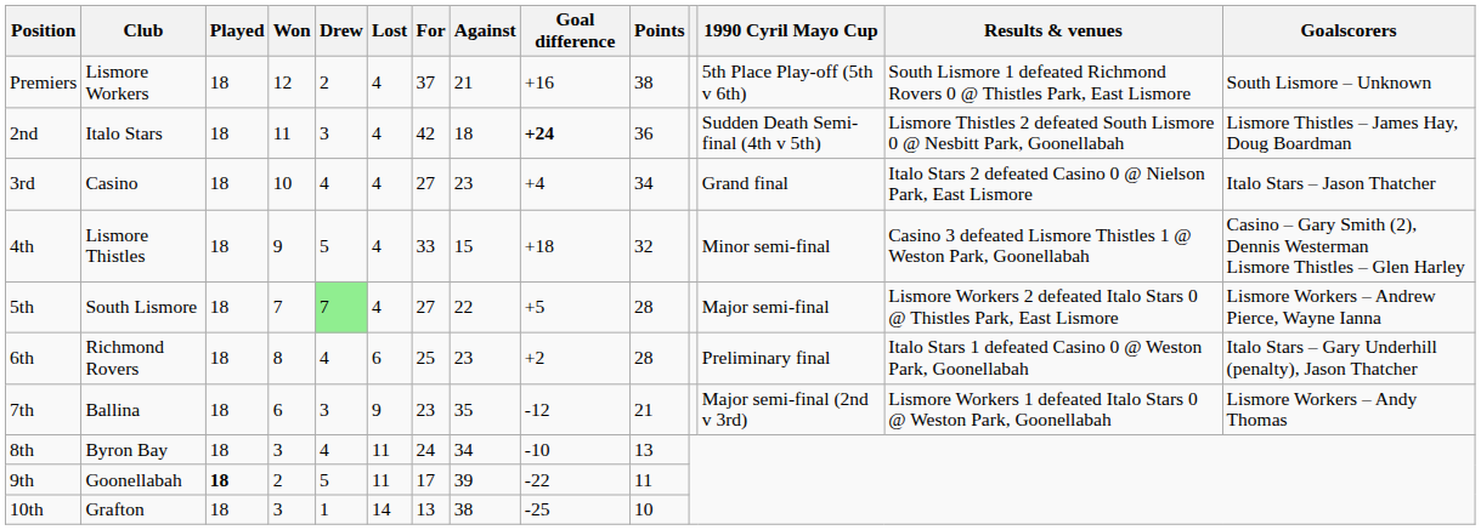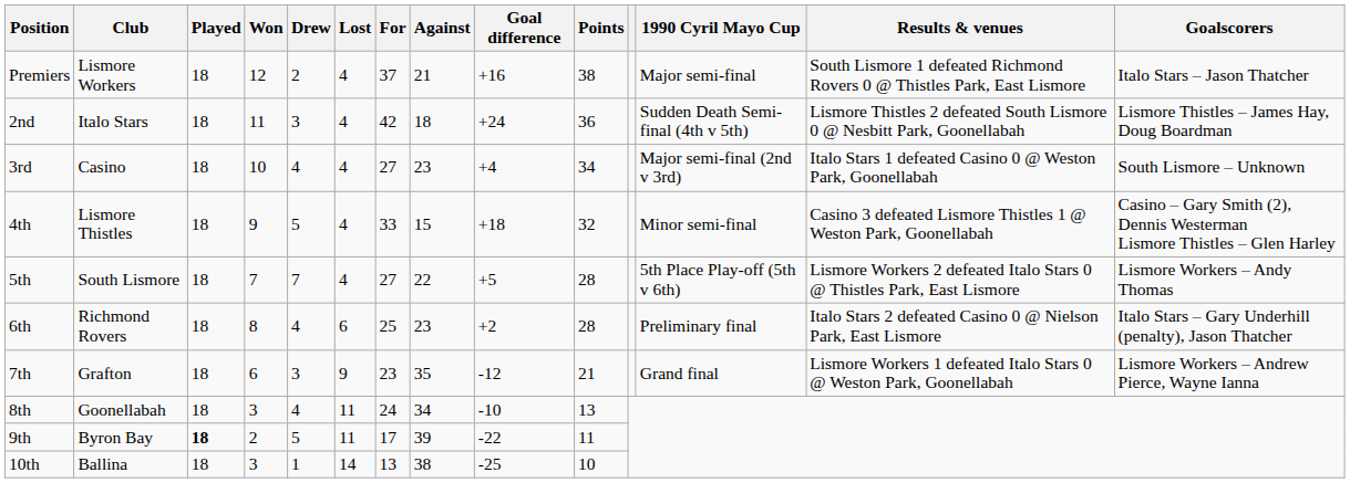 <table class="wikitable">
 <tr>
 <th>Position</th>
 <th>Club</th>
 <th>Played</th>
 <th>Won</th>
 <th>Drew</th>
 <th>Lost</th>
 <th>For</th>
 <th>Against</th>
 <th>Goal difference</th>
 <th>Points</th>
 <th></th>
 <th>1990 Cyril Mayo Cup</th>
 <th>Results & venues</th>
 <th>Goalscorers</th>
 </tr>
 <tr>
 <td>Premiers</td>
 <td>Lismore Workers</td>
 <td>18</td>
 <td>12</td>
 <td>2</td>
 <td>4</td>
 <td>37</td>
 <td>21</td>
 <td>+16</td>
 <td>38</td>
 <td></td>
-<td>5th Place Play-off (5th v 6th)</td>
+<td>Major semi-final</td>
 <td>South Lismore 1 defeated Richmond Rovers 0 @ Thistles Park, East Lismore</td>
-<td>South Lismore – Unknown</td>
+<td>Italo Stars – Jason Thatcher</td>
 </tr>
 <tr>
 <td>2nd</td>
 <td>Italo Stars</td>
 <td>18</td>
 <td>11</td>
 <td>3</td>
 <td>4</td>
 <td>42</td>
 <td>18</td>
-<td><strong>+24</strong></td>
+<td>+24</td>
 <td>36</td>
 <td></td>
 <td>Sudden Death Semi-final (4th v 5th)</td>
 <td>Lismore Thistles 2 defeated South Lismore 0 @ Nesbitt Park, Goonellabah</td>
 <td>Lismore Thistles – James Hay, Doug Boardman</td>
 </tr>
 <tr>
 <td>3rd</td>
 <td>Casino</td>
 <td>18</td>
 <td>10</td>
 <td>4</td>
 <td>4</td>
 <td>27</td>
 <td>23</td>
 <td>+4</td>
 <td>34</td>
 <td></td>
-<td>Grand final</td>
-<td>Italo Stars 2 defeated Casino 0 @  Nielson Park, East Lismore</td>
-<td>Italo Stars – Jason Thatcher</td>
+<td>Major semi-final (2nd v 3rd)</td>
+<td>Italo Stars 1 defeated Casino 0 @ Weston Park, Goonellabah</td>
+<td>South Lismore – Unknown</td>
 </tr>
 <tr>
 <td>4th</td>
 <td>Lismore Thistles</td>
 <td>18</td>
 <td>9</td>
 <td>5</td>
 <td>4</td>
 <td>33</td>
 <td>15</td>
 <td>+18</td>
 <td>32</td>
 <td></td>
 <td>Minor semi-final</td>
 <td>Casino 3 defeated Lismore Thistles 1 @ Weston Park, Goonellabah</td>
 <td>Casino – Gary Smith (2), Dennis Westerman<br>Lismore Thistles – Glen Harley</td>
 </tr>
 <tr>
 <td>5th</td>
 <td>South Lismore</td>
 <td>18</td>
 <td>7</td>
-<td style="background: lightgreen;">7</td>
+<td>7</td>
 <td>4</td>
 <td>27</td>
 <td>22</td>
 <td>+5</td>
 <td>28</td>
 <td></td>
-<td>Major semi-final</td>
+<td>5th Place Play-off (5th v 6th)</td>
 <td>Lismore Workers 2 defeated Italo Stars 0 @ Thistles Park, East Lismore</td>
-<td>Lismore Workers – Andrew Pierce, Wayne Ianna</td>
+<td>Lismore Workers – Andy Thomas</td>
 </tr>
 <tr>
 <td>6th</td>
 <td>Richmond Rovers</td>
 <td>18</td>
 <td>8</td>
 <td>4</td>
 <td>6</td>
 <td>25</td>
 <td>23</td>
 <td>+2</td>
 <td>28</td>
 <td></td>
 <td>Preliminary final</td>
-<td>Italo Stars 1 defeated Casino 0 @ Weston Park, Goonellabah</td>
+<td>Italo Stars 2 defeated Casino 0 @  Nielson Park, East Lismore</td>
 <td>Italo Stars – Gary Underhill (penalty), Jason Thatcher</td>
 </tr>
 <tr>
 <td>7th</td>
-<td>Ballina</td>
+<td>Grafton</td>
 <td>18</td>
 <td>6</td>
 <td>3</td>
 <td>9</td>
 <td>23</td>
 <td>35</td>
 <td>-12</td>
 <td>21</td>
 <td></td>
-<td>Major semi-final (2nd v 3rd)</td>
+<td>Grand final</td>
 <td>Lismore Workers 1 defeated Italo Stars 0 @ Weston Park, Goonellabah</td>
-<td>Lismore Workers – Andy Thomas</td>
+<td>Lismore Workers – Andrew Pierce, Wayne Ianna</td>
 </tr>
 <tr>
 <td>8th</td>
-<td>Byron Bay</td>
+<td>Goonellabah</td>
 <td>18</td>
 <td>3</td>
 <td>4</td>
 <td>11</td>
 <td>24</td>
 <td>34</td>
 <td>-10</td>
 <td>13</td>
 </tr>
 <tr>
 <td>9th</td>
-<td>Goonellabah</td>
+<td>Byron Bay</td>
 <td><strong>18</strong></td>
 <td>2</td>
 <td>5</td>
 <td>11</td>
 <td>17</td>
 <td>39</td>
 <td>-22</td>
 <td>11</td>
 </tr>
 <tr>
 <td>10th</td>
-<td>Grafton</td>
+<td>Ballina</td>
 <td>18</td>
 <td>3</td>
 <td>1</td>
 <td>14</td>
 <td>13</td>
 <td>38</td>
 <td>-25</td>
 <td>10</td>
 </tr>
 </table>
